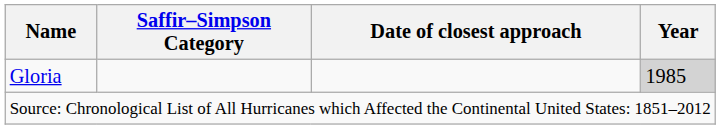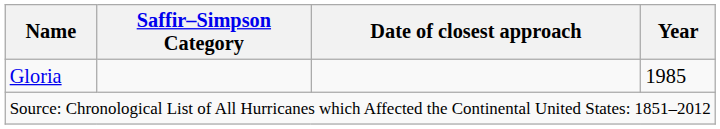 <table class = "wikitable" style="margin:1em auto;">
 <tr>
 <th>Name</th>
 <th><a href='#'>Saffir–Simpson</a><br>Category</th>
 <th>Date of closest approach</th>
 <th>Year</th>
 </tr>
 <tr>
 <td><a href='#'>Gloria</a></td>
 <td></td>
 <td></td>
-<td style="background: lightgrey;">1985</td>
+<td>1985</td>
 </tr>
 <tr>
 <td colspan="9"><small>Source: Chronological List of All Hurricanes which Affected the Continental United States: 1851–2012</small></td>
 </tr>
 </table>
